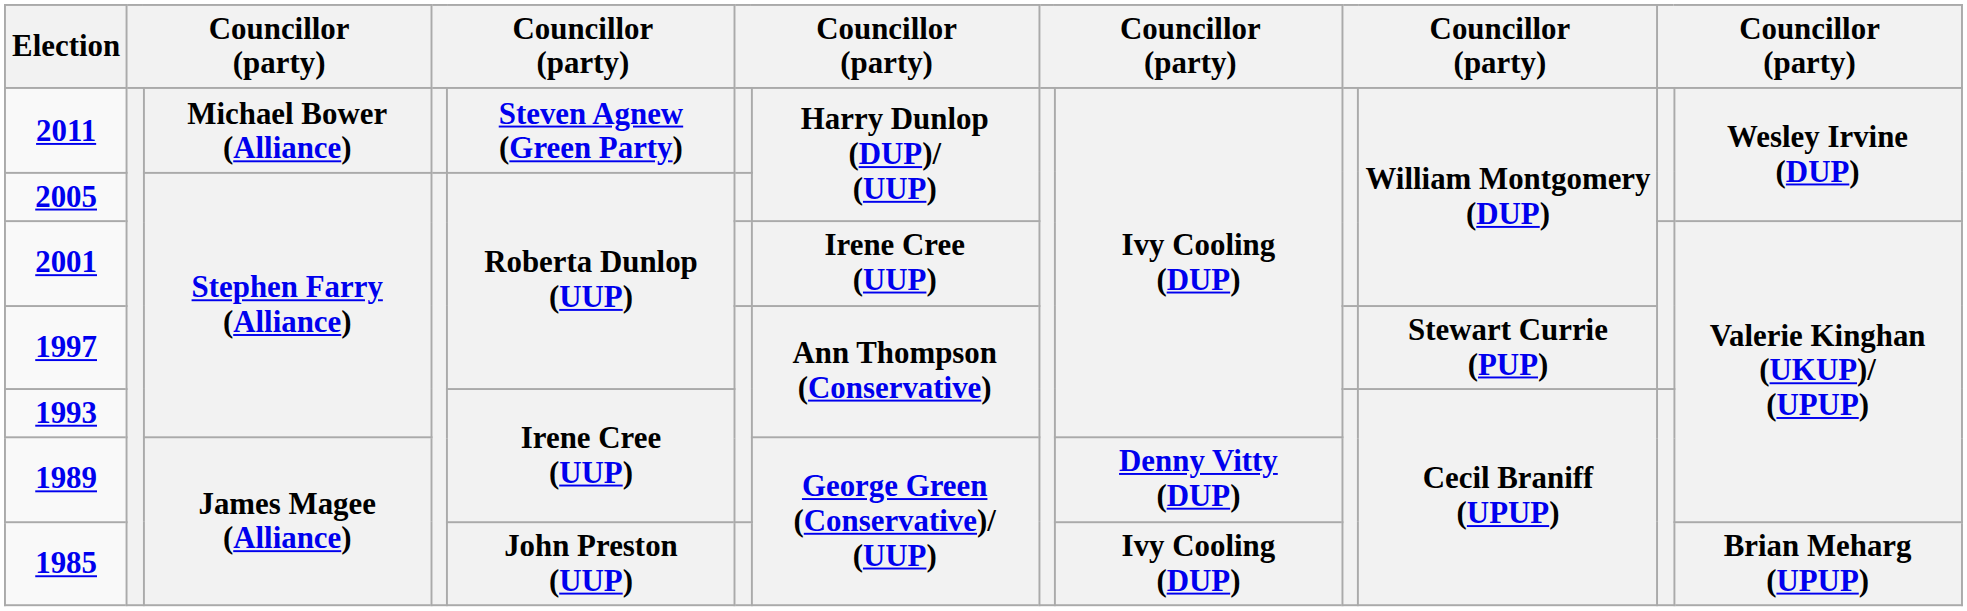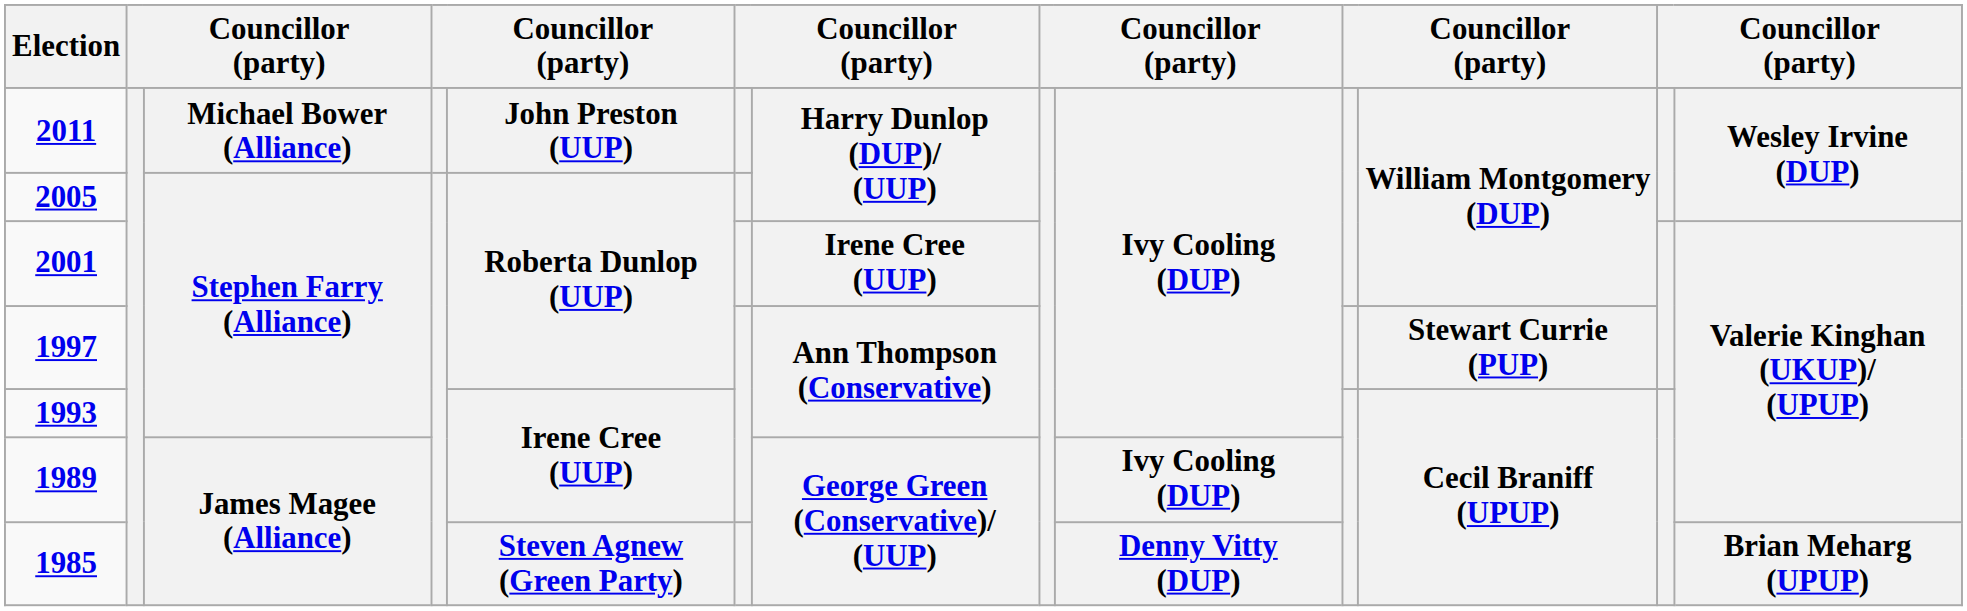 <table class="wikitable" style="text-align:center">
 <tr>
 <th scope="col" width="50">Election</th>
 <th scope="col" width="150" colspan = "2">Councillor<br> (party)</th>
 <th scope="col" width="150" colspan = "2">Councillor<br> (party)</th>
 <th scope="col" width="150" colspan = "2">Councillor<br> (party)</th>
 <th scope="col" width="150" colspan = "2">Councillor<br> (party)</th>
 <th scope="col" width="150" colspan = "2">Councillor<br> (party)</th>
 <th scope="col" width="150" colspan = "2">Councillor<br> (party)</th>
 </tr>
 <tr>
 <td><strong><a href='#'>2011</a></strong></td>
 <th rowspan="7" width="1" style="background-color: "></th>
 <th rowspan = "1">Michael Bower <br> (<a href='#'>Alliance</a>)</th>
 <th rowspan="1" width="1" style="background-color: "></th>
-<th rowspan = "1"><a href='#'>Steven Agnew</a> <br> (<a href='#'>Green Party</a>)</th>
+<th rowspan = "1">John Preston <br> (<a href='#'>UUP</a>)</th>
 <th rowspan="1" width="1" style="background-color: "></th>
 <th rowspan = "2">Harry Dunlop <br> (<a href='#'>DUP</a>)/ <br> (<a href='#'>UUP</a>)</th>
 <th rowspan="7" width="1" style="background-color: "></th>
 <th rowspan = "5">Ivy Cooling <br> (<a href='#'>DUP</a>)</th>
 <th rowspan="3" width="1" style="background-color: "></th>
 <th rowspan = "3">William Montgomery <br> (<a href='#'>DUP</a>)</th>
 <th rowspan="2" width="1" style="background-color: "></th>
 <th rowspan = "2">Wesley Irvine <br> (<a href='#'>DUP</a>)</th>
 </tr>
 <tr>
 <td><strong><a href='#'>2005</a></strong></td>
 <th rowspan = "4"><a href='#'>Stephen Farry</a> <br> (<a href='#'>Alliance</a>)</th>
 <th rowspan="6" width="1" style="background-color: "></th>
 <th rowspan = "3">Roberta Dunlop <br> (<a href='#'>UUP</a>)</th>
 <th rowspan="1" width="1" style="background-color: "></th>
 </tr>
 <tr>
 <td><strong><a href='#'>2001</a></strong></td>
 <th rowspan="1" width="1" style="background-color: "></th>
 <th rowspan = "1">Irene Cree <br> (<a href='#'>UUP</a>)</th>
 <th rowspan="2" width="1" style="background-color: "></th>
 <th rowspan = "4">Valerie Kinghan <br> (<a href='#'>UKUP</a>)/ <br> (<a href='#'>UPUP</a>)</th>
 </tr>
 <tr>
 <td><strong><a href='#'>1997</a></strong></td>
 <th rowspan="3" width="1" style="background-color: "></th>
 <th rowspan = "2">Ann Thompson <br> (<a href='#'>Conservative</a>)</th>
 <th rowspan="1" width="1" style="background-color: "></th>
 <th rowspan = "1">Stewart Currie <br> (<a href='#'>PUP</a>)</th>
 </tr>
 <tr>
 <td><strong><a href='#'>1993</a></strong></td>
 <th rowspan = "2">Irene Cree <br> (<a href='#'>UUP</a>)</th>
 <th rowspan="3" width="1" style="background-color: "></th>
 <th rowspan = "3">Cecil Braniff <br> (<a href='#'>UPUP</a>)</th>
 <th rowspan="3" width="1" style="background-color: "></th>
 </tr>
 <tr>
 <td><strong><a href='#'>1989</a></strong></td>
 <th rowspan = "2">James Magee <br> (<a href='#'>Alliance</a>)</th>
 <th rowspan = "2"><a href='#'>George Green</a> <br> (<a href='#'>Conservative</a>)/ <br> (<a href='#'>UUP</a>)</th>
-<th rowspan = "1"><a href='#'>Denny Vitty</a> <br> (<a href='#'>DUP</a>)</th>
+<th rowspan = "1">Ivy Cooling <br> (<a href='#'>DUP</a>)</th>
 </tr>
 <tr>
 <td><strong><a href='#'>1985</a></strong></td>
-<th rowspan = "1">John Preston <br> (<a href='#'>UUP</a>)</th>
+<th rowspan = "1"><a href='#'>Steven Agnew</a> <br> (<a href='#'>Green Party</a>)</th>
 <th rowspan="1" width="1" style="background-color: "></th>
-<th rowspan = "1">Ivy Cooling <br> (<a href='#'>DUP</a>)</th>
+<th rowspan = "1"><a href='#'>Denny Vitty</a> <br> (<a href='#'>DUP</a>)</th>
 <th rowspan = "1">Brian Meharg <br> (<a href='#'>UPUP</a>)</th>
 </tr>
 </table>
